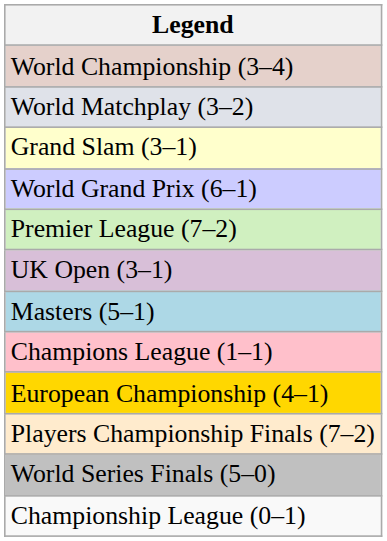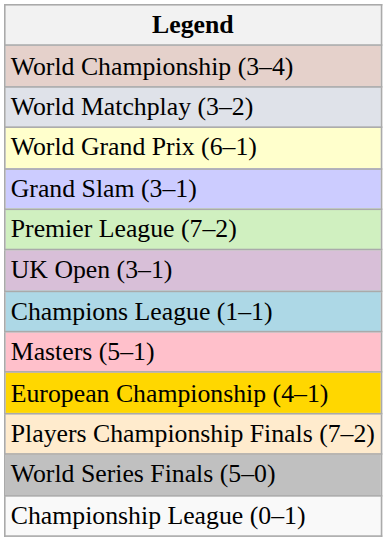 <table class="wikitable">
 <tr>
 <th>Legend</th>
 </tr>
 <tr style="background:#e5d1cb;">
 <td>World Championship (3–4)</td>
 </tr>
 <tr style="background:#dfe2e9;">
 <td>World Matchplay (3–2)</td>
 </tr>
 <tr style="background:#ffc;">
-<td>Grand Slam (3–1)</td>
+<td>World Grand Prix (6–1)</td>
 </tr>
 <tr style="background:#ccf;">
-<td>World Grand Prix (6–1)</td>
+<td>Grand Slam (3–1)</td>
 </tr>
 <tr style="background:#d0f0c0;">
 <td>Premier League (7–2)</td>
 </tr>
 <tr style="background:thistle">
 <td>UK Open (3–1)</td>
 </tr>
 <tr style="background:lightblue;">
-<td>Masters (5–1)</td>
+<td>Champions League (1–1)</td>
 </tr>
 <tr style="background:pink;">
-<td>Champions League (1–1)</td>
+<td>Masters (5–1)</td>
 </tr>
 <tr style="background:gold;">
 <td>European Championship (4–1)</td>
 </tr>
 <tr style="background:#ffebcd;">
 <td>Players Championship Finals (7–2)</td>
 </tr>
 <tr style="background:silver;">
 <td>World Series Finals (5–0)</td>
 </tr>
 <tr>
 <td>Championship League (0–1)</td>
 </tr>
 </table>
